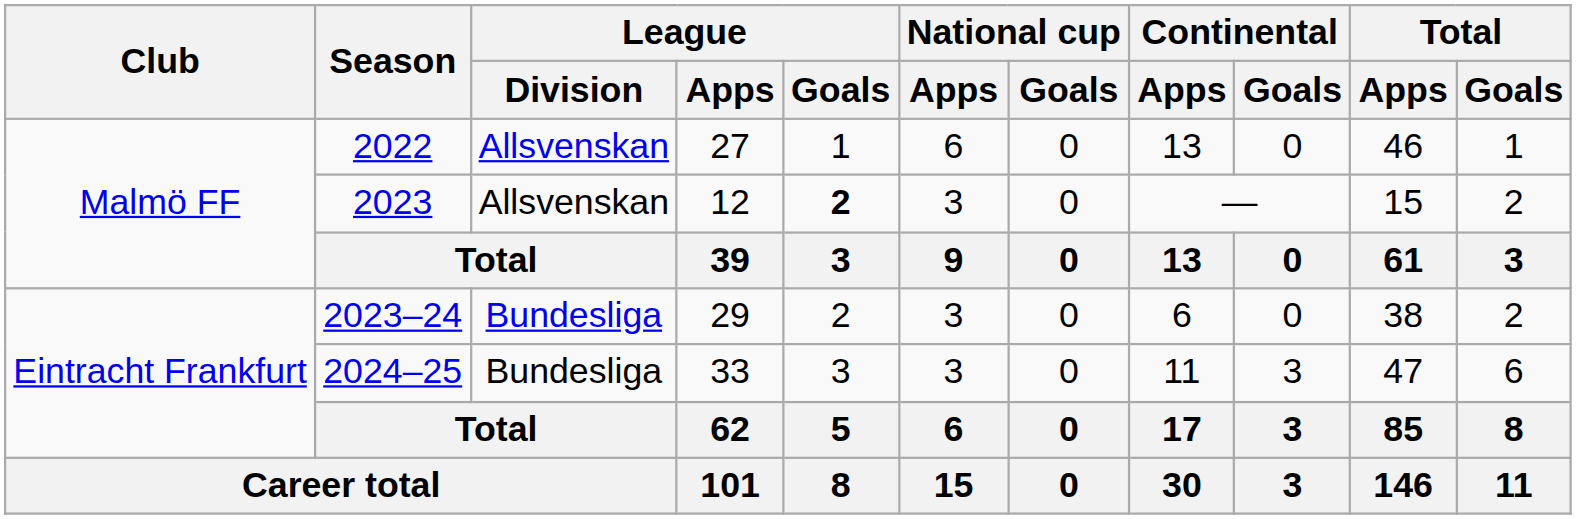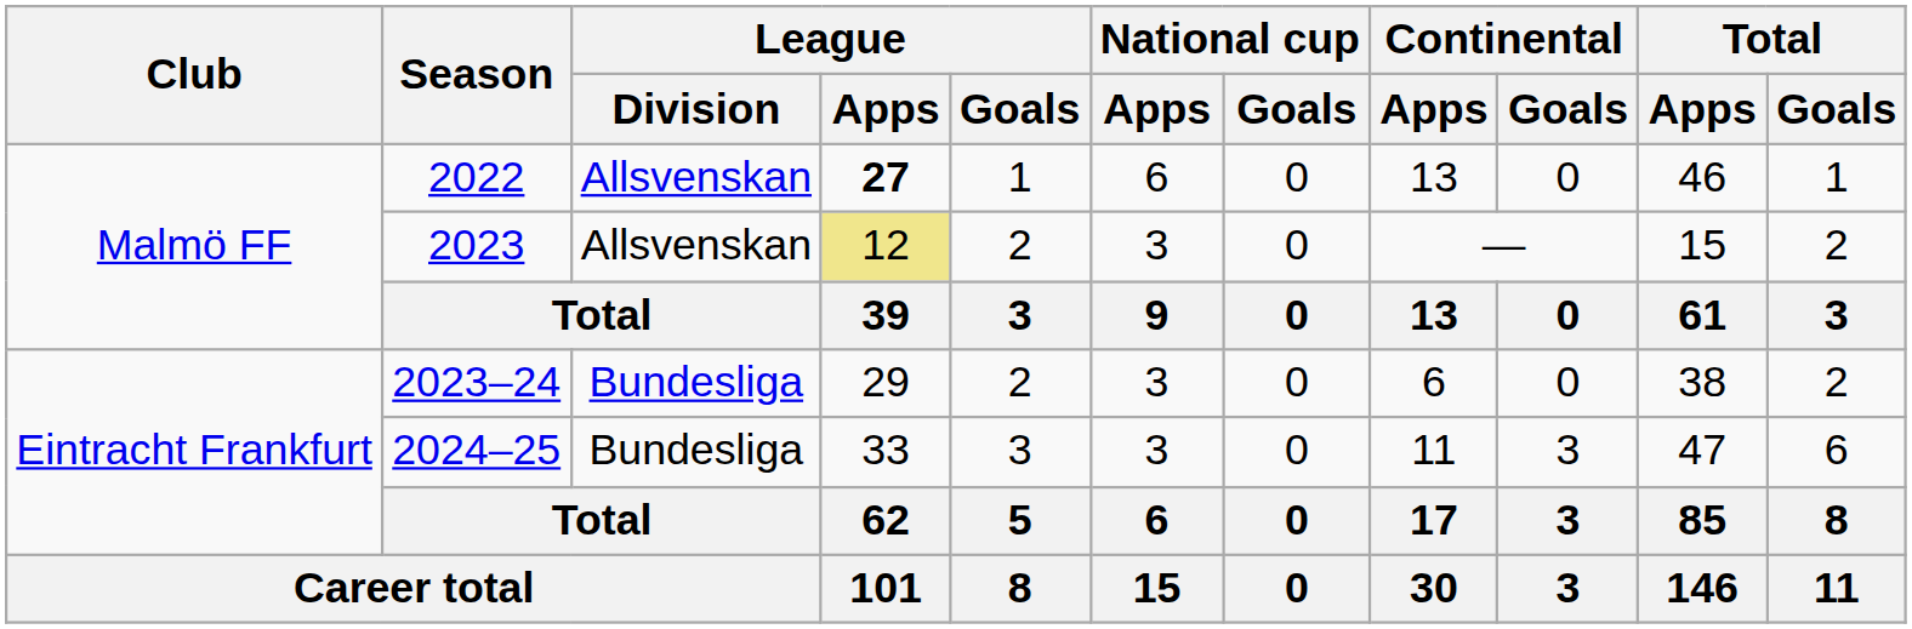 <table class="wikitable" style="text-align:center">
 <tr>
 <th rowspan="2">Club</th>
 <th rowspan="2">Season</th>
 <th colspan="3">League</th>
 <th colspan="2">National cup</th>
 <th colspan="2">Continental</th>
 <th colspan="2">Total</th>
 </tr>
 <tr>
 <th>Division</th>
 <th>Apps</th>
 <th>Goals</th>
 <th>Apps</th>
 <th>Goals</th>
 <th>Apps</th>
 <th>Goals</th>
 <th>Apps</th>
 <th>Goals</th>
 </tr>
 <tr>
 <td rowspan="3"><a href='#'>Malmö FF</a></td>
 <td><a href='#'>2022</a></td>
 <td><a href='#'>Allsvenskan</a></td>
-<td>27</td>
+<td><strong>27</strong></td>
 <td>1</td>
 <td>6</td>
 <td>0</td>
 <td>13</td>
 <td>0</td>
 <td>46</td>
 <td>1</td>
 </tr>
 <tr>
 <td><a href='#'>2023</a></td>
 <td>Allsvenskan</td>
-<td>12</td>
-<td><strong>2</strong></td>
+<td style="background: khaki;">12</td>
+<td>2</td>
 <td>3</td>
 <td>0</td>
 <td colspan="2">—</td>
 <td>15</td>
 <td>2</td>
 </tr>
 <tr>
 <th colspan="2">Total</th>
 <th>39</th>
 <th>3</th>
 <th>9</th>
 <th>0</th>
 <th>13</th>
 <th>0</th>
 <th>61</th>
 <th>3</th>
 </tr>
 <tr>
 <td rowspan="3"><a href='#'>Eintracht Frankfurt</a></td>
 <td><a href='#'>2023–24</a></td>
 <td><a href='#'>Bundesliga</a></td>
 <td>29</td>
 <td>2</td>
 <td>3</td>
 <td>0</td>
 <td>6</td>
 <td>0</td>
 <td>38</td>
 <td>2</td>
 </tr>
 <tr>
 <td><a href='#'>2024–25</a></td>
 <td>Bundesliga</td>
 <td>33</td>
 <td>3</td>
 <td>3</td>
 <td>0</td>
 <td>11</td>
 <td>3</td>
 <td>47</td>
 <td>6</td>
 </tr>
 <tr>
 <th colspan="2">Total</th>
 <th>62</th>
 <th>5</th>
 <th>6</th>
 <th>0</th>
 <th>17</th>
 <th>3</th>
 <th>85</th>
 <th>8</th>
 </tr>
 <tr>
 <th colspan="3">Career total</th>
 <th>101</th>
 <th>8</th>
 <th>15</th>
 <th>0</th>
 <th>30</th>
 <th>3</th>
 <th>146</th>
 <th>11</th>
 </tr>
 </table>
